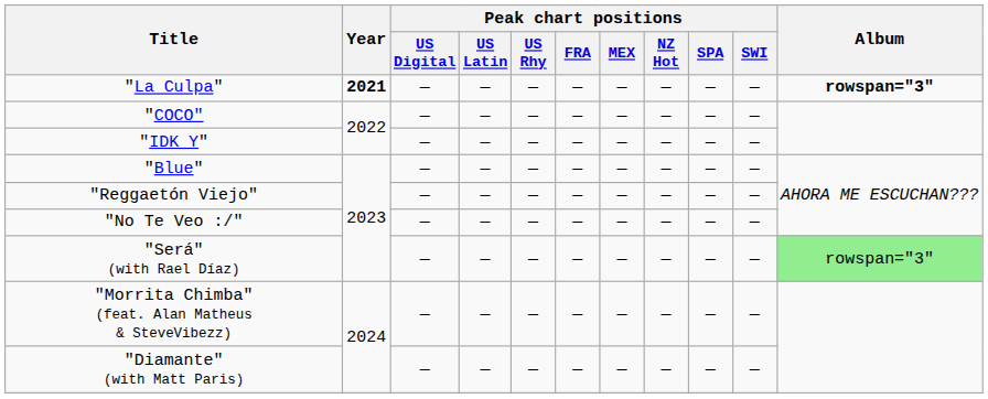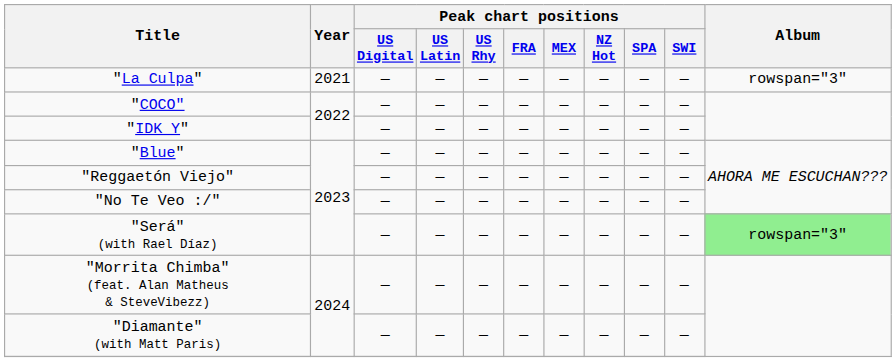 <table class="wikitable plainrowheaders" style="text-align:center;">
 <tr>
 <th scope="col" rowspan="2" style="width:20em;">Title</th>
 <th scope="col" rowspan="2">Year</th>
 <th scope="col" colspan="8">Peak chart positions</th>
 <th scope="col" rowspan="2">Album</th>
 </tr>
 <tr>
 <th scope="col" style="width:2.5em;font-size:90%;"><a href='#'>US<br>Digital</a><br></th>
 <th scope="col" style="width:2.5em;font-size:90%;"><a href='#'>US<br>Latin</a><br></th>
 <th scope="col" style="width:2.5em;font-size:90%;"><a href='#'>US<br>Rhy</a><br></th>
 <th scope="col" style="width:2.5em;font-size:90%;"><a href='#'>FRA</a><br></th>
 <th scope="col" style="width:2.5em;font-size:90%;"><a href='#'>MEX</a><br></th>
 <th scope="col" style="width:2.5em;font-size:90%;"><a href='#'>NZ<br>Hot</a><br></th>
 <th scope="col" style="width:2.5em;font-size:90%;"><a href='#'>SPA</a><br></th>
 <th scope="col" style="width:2.5em;font-size:90%;"><a href='#'>SWI</a><br></th>
 </tr>
 <tr>
 <td>"<a href='#'>La Culpa</a>"</td>
-<td><strong>2021</strong></td>
+<td>2021</td>
 <td>—</td>
 <td>—</td>
 <td>—</td>
 <td>—</td>
 <td>—</td>
 <td>—</td>
 <td>—</td>
 <td>—</td>
-<td><strong>rowspan="3" </strong></td>
+<td>rowspan="3" </td>
 </tr>
 <tr>
 <td>"<a href='#'>COCO"</a></td>
 <td rowspan="2">2022</td>
 <td>—</td>
 <td>—</td>
 <td>—</td>
 <td>—</td>
 <td>—</td>
 <td>—</td>
 <td>—</td>
 <td>—</td>
 </tr>
 <tr>
 <td>"<a href='#'>IDK Y</a>"</td>
 <td>—</td>
 <td>—</td>
 <td>—</td>
 <td>—</td>
 <td>—</td>
 <td>—</td>
 <td>—</td>
 <td>—</td>
 </tr>
 <tr>
 <td>"<a href='#'>Blue</a>"</td>
 <td rowspan="4">2023</td>
 <td>—</td>
 <td>—</td>
 <td>—</td>
 <td>—</td>
 <td>—</td>
 <td>—</td>
 <td>—</td>
 <td>—</td>
 <td rowspan="3"><em>AHORA ME ESCUCHAN???<strong></td>
 </tr>
 <tr>
 <td>"Reggaetón Viejo"</td>
 <td>—</td>
 <td>—</td>
 <td>—</td>
 <td>—</td>
 <td>—</td>
 <td>—</td>
 <td>—</td>
 <td>—</td>
 </tr>
 <tr>
 <td>"No Te Veo :/"</td>
 <td>—</td>
 <td>—</td>
 <td>—</td>
 <td>—</td>
 <td>—</td>
 <td>—</td>
 <td>—</td>
 <td>—</td>
 </tr>
 <tr>
 <td>"Será"<br><small>(with Rael Díaz)</small></td>
 <td>—</td>
 <td>—</td>
 <td>—</td>
 <td>—</td>
 <td>—</td>
 <td>—</td>
 <td>—</td>
 <td>—</td>
 <td style="background: lightgreen;">rowspan="3" </td>
 </tr>
 <tr>
 <td>"Morrita Chimba"<br><small>(feat. Alan Matheus<br>& SteveVibezz)</small></td>
 <td rowspan="2">2024</td>
 <td>—</td>
 <td>—</td>
 <td>—</td>
 <td>—</td>
 <td>—</td>
 <td>—</td>
 <td>—</td>
 <td>—</td>
 </tr>
 <tr>
 <td>"Diamante"<br><small>(with Matt Paris)</small></td>
 <td>—</td>
 <td>—</td>
 <td>—</td>
 <td>—</td>
 <td>—</td>
 <td>—</td>
 <td>—</td>
 <td>—</td>
 </tr>
 <tr>
 </tr>
 </table>
